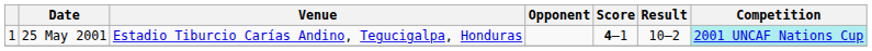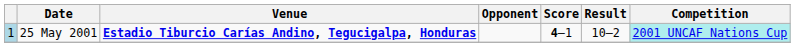 <table class="wikitable">
 <tr>
 <th></th>
 <th>Date</th>
 <th>Venue</th>
 <th>Opponent</th>
 <th>Score</th>
 <th>Result</th>
 <th>Competition</th>
 </tr>
 <tr>
-<td align="center">1</td>
+<td align="center" style="background: lightblue;">1</td>
 <td>25 May 2001</td>
-<td><a href='#'>Estadio Tiburcio Carías Andino</a>, <a href='#'>Tegucigalpa</a>, <a href='#'>Honduras</a></td>
+<td><strong><a href='#'>Estadio Tiburcio Carías Andino</a>, <a href='#'>Tegucigalpa</a>, <a href='#'>Honduras</a></strong></td>
 <td></td>
 <td align="center"><strong>4</strong>–1</td>
 <td align="center">10–2</td>
 <td style="background: paleturquoise;"><a href='#'>2001 UNCAF Nations Cup</a></td>
 </tr>
 <tr>
 </tr>
 </table>
